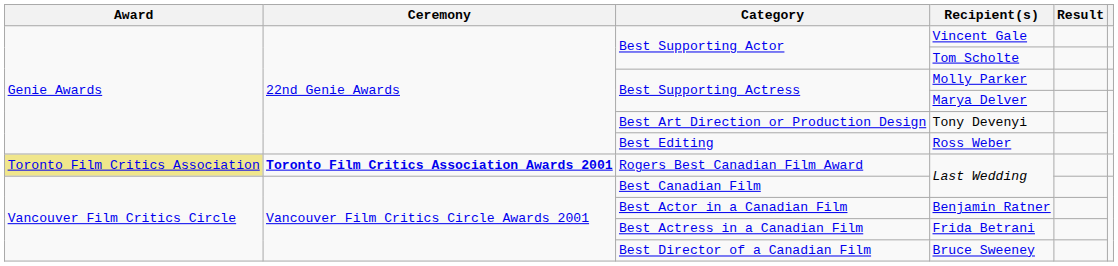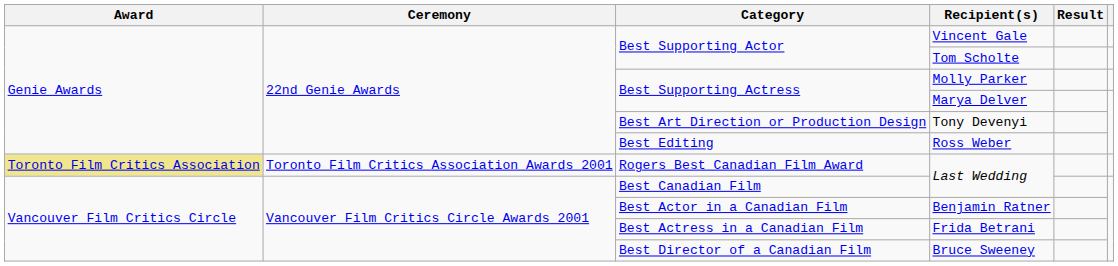 <table class="wikitable plainrowheaders sortable">
 <tr>
 <th scope="col">Award</th>
 <th scope="col">Ceremony</th>
 <th scope="col">Category</th>
 <th scope="col">Recipient(s)</th>
 <th scope="col">Result</th>
 <th scope="col" class="unsortable"></th>
 </tr>
 <tr>
 <td rowspan=6><a href='#'>Genie Awards</a></td>
 <td rowspan=6><a href='#'>22nd Genie Awards</a></td>
 <td rowspan=2><a href='#'>Best Supporting Actor</a></td>
 <td><a href='#'>Vincent Gale</a></td>
 <td></td>
 <td></td>
 </tr>
 <tr>
 <td><a href='#'>Tom Scholte</a></td>
 <td></td>
 <td></td>
 </tr>
 <tr>
 <td rowspan=2><a href='#'>Best Supporting Actress</a></td>
 <td><a href='#'>Molly Parker</a></td>
 <td></td>
 <td></td>
 </tr>
 <tr>
 <td><a href='#'>Marya Delver</a></td>
 <td></td>
 <td rowspan=3></td>
 </tr>
 <tr>
 <td><a href='#'>Best Art Direction or Production Design</a></td>
 <td>Tony Devenyi</td>
 <td></td>
 </tr>
 <tr>
 <td><a href='#'>Best Editing</a></td>
 <td><a href='#'>Ross Weber</a></td>
 <td></td>
 </tr>
 <tr>
 <td style="background: khaki;"><a href='#'>Toronto Film Critics Association</a></td>
-<td><strong><a href='#'>Toronto Film Critics Association Awards 2001</a></strong></td>
+<td><a href='#'>Toronto Film Critics Association Awards 2001</a></td>
 <td><a href='#'>Rogers Best Canadian Film Award</a></td>
 <td rowspan=2><em>Last Wedding</em></td>
 <td></td>
 <td></td>
 </tr>
 <tr>
 <td rowspan=4><a href='#'>Vancouver Film Critics Circle</a></td>
 <td rowspan=4><a href='#'>Vancouver Film Critics Circle Awards 2001</a></td>
 <td><a href='#'>Best Canadian Film</a></td>
 <td></td>
 <td rowspan=4></td>
 </tr>
 <tr>
 <td><a href='#'>Best Actor in a Canadian Film</a></td>
 <td><a href='#'>Benjamin Ratner</a></td>
 <td></td>
 </tr>
 <tr>
 <td><a href='#'>Best Actress in a Canadian Film</a></td>
 <td><a href='#'>Frida Betrani</a></td>
 <td></td>
 </tr>
 <tr>
 <td><a href='#'>Best Director of a Canadian Film</a></td>
 <td><a href='#'>Bruce Sweeney</a></td>
 <td></td>
 </tr>
 </table>
